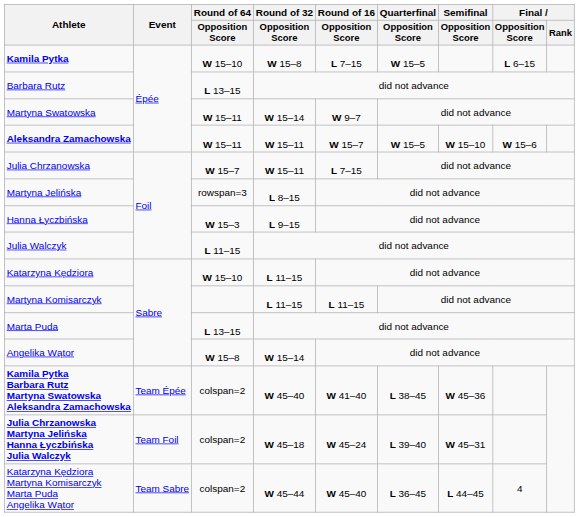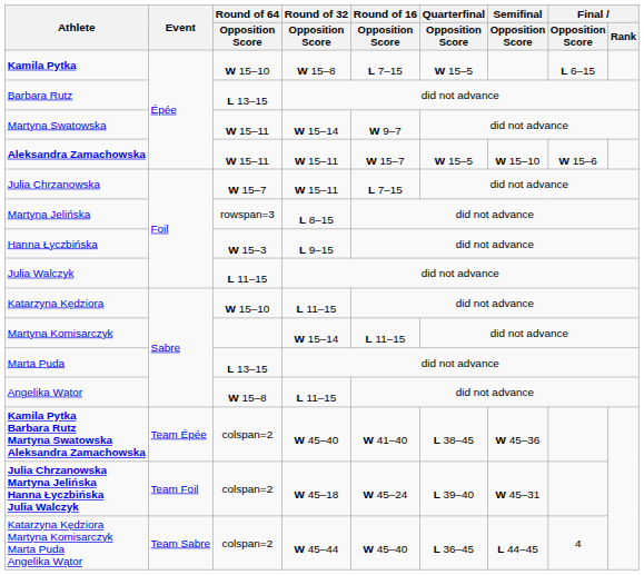 <table class="wikitable" style="font-size:90%">
 <tr>
 <th rowspan=2>Athlete</th>
 <th rowspan=2>Event</th>
 <th>Round of 64</th>
 <th>Round of 32</th>
 <th>Round of 16</th>
 <th>Quarterfinal</th>
 <th>Semifinal</th>
 <th colspan=2>Final / </th>
 </tr>
 <tr style="font-size:95%">
 <th>Opposition<br>Score</th>
 <th>Opposition<br>Score</th>
 <th>Opposition<br>Score</th>
 <th>Opposition<br>Score</th>
 <th>Opposition<br>Score</th>
 <th>Opposition<br>Score</th>
 <th>Rank</th>
 </tr>
 <tr align=center>
 <td align=left><strong><a href='#'>Kamila Pytka</a></strong></td>
 <td align=left rowspan=4><a href='#'>Épée</a></td>
 <td><br><strong>W</strong> 15–10</td>
 <td><br><strong>W</strong> 15–8</td>
 <td><br><strong>L</strong> 7–15</td>
 <td><br><strong>W</strong> 15–5</td>
 <td><br></td>
 <td><br><strong>L</strong> 6–15</td>
 <td></td>
 </tr>
 <tr align=center>
 <td align=left><a href='#'>Barbara Rutz</a></td>
 <td><br><strong>L</strong> 13–15</td>
 <td colspan=6>did not advance</td>
 </tr>
 <tr align=center>
 <td align=left><a href='#'>Martyna Swatowska</a></td>
 <td><br><strong>W</strong> 15–11</td>
 <td><br><strong>W</strong> 15–14</td>
 <td><br><strong>W</strong> 9–7</td>
 <td colspan=4>did not advance</td>
 </tr>
 <tr align=center>
 <td align=left><strong><a href='#'>Aleksandra Zamachowska</a></strong></td>
 <td><br><strong>W</strong> 15–11</td>
 <td><br><strong>W</strong> 15–11</td>
 <td><br><strong>W</strong> 15–7</td>
 <td><br><strong>W</strong> 15–5</td>
 <td><br><strong>W</strong> 15–10</td>
 <td><br><strong>W</strong> 15–6</td>
 <td></td>
 </tr>
 <tr align=center>
 <td align=left><a href='#'>Julia Chrzanowska</a></td>
 <td align=left rowspan=4><a href='#'>Foil</a></td>
 <td><br><strong>W</strong> 15–7</td>
 <td><br><strong>W</strong> 15–11</td>
 <td><br><strong>L</strong> 7–15</td>
 <td colspan=4>did not advance</td>
 </tr>
 <tr align=center>
 <td align=left><a href='#'>Martyna Jelińska</a></td>
 <td>rowspan=3 </td>
 <td><br><strong>L</strong> 8–15</td>
 <td colspan=6>did not advance</td>
 </tr>
 <tr align=center>
 <td align=left><a href='#'>Hanna Łyczbińska</a></td>
 <td><br><strong>W</strong> 15–3</td>
 <td><br><strong>L</strong> 9–15</td>
 <td colspan=5>did not advance</td>
 </tr>
 <tr align=center>
 <td align=left><a href='#'>Julia Walczyk</a></td>
 <td><br><strong>L</strong> 11–15</td>
 <td colspan=6>did not advance</td>
 </tr>
 <tr align=center>
 <td align=left><a href='#'>Katarzyna Kędziora</a></td>
 <td align=left rowspan=4><a href='#'>Sabre</a></td>
 <td><br><strong>W</strong> 15–10</td>
 <td><br><strong>L</strong> 11–15</td>
 <td colspan=5>did not advance</td>
 </tr>
 <tr align=center>
 <td align=left><a href='#'>Martyna Komisarczyk</a></td>
 <td></td>
-<td><br><strong>L</strong> 11–15</td>
+<td><br><strong>W</strong> 15–14</td>
 <td><br><strong>L</strong> 11–15</td>
 <td colspan=4>did not advance</td>
 </tr>
 <tr align=center>
 <td align=left><a href='#'>Marta Puda</a></td>
 <td><br><strong>L</strong> 13–15</td>
 <td colspan=6>did not advance</td>
 </tr>
 <tr align=center>
 <td align=left><a href='#'>Angelika Wątor</a></td>
 <td><br><strong>W</strong> 15–8</td>
-<td><br><strong>W</strong> 15–14</td>
+<td><br><strong>L</strong> 11–15</td>
 <td colspan=5>did not advance</td>
 </tr>
 <tr align=center>
 <td align=left><strong><a href='#'>Kamila Pytka</a><br><a href='#'>Barbara Rutz</a><br><a href='#'>Martyna Swatowska</a><br><a href='#'>Aleksandra Zamachowska</a></strong></td>
 <td align=left><a href='#'>Team Épée</a></td>
 <td>colspan=2 </td>
 <td><br><strong>W</strong> 45–40</td>
 <td><br><strong>W</strong> 41–40</td>
 <td><br><strong>L</strong> 38–45</td>
 <td><br><strong>W</strong> 45–36</td>
 <td></td>
 </tr>
 <tr align=center>
 <td align=left><strong><a href='#'>Julia Chrzanowska</a><br><a href='#'>Martyna Jelińska</a><br><a href='#'>Hanna Łyczbińska</a><br><a href='#'>Julia Walczyk</a></strong></td>
 <td align=left><a href='#'>Team Foil</a></td>
 <td>colspan=2 </td>
 <td><br><strong>W</strong> 45–18</td>
 <td><br><strong>W</strong> 45–24</td>
 <td><br><strong>L</strong> 39–40</td>
 <td><br><strong>W</strong> 45–31</td>
 <td></td>
 </tr>
 <tr align=center>
 <td align=left><a href='#'>Katarzyna Kędziora</a><br><a href='#'>Martyna Komisarczyk</a><br><a href='#'>Marta Puda</a><br><a href='#'>Angelika Wątor</a></td>
 <td align=left><a href='#'>Team Sabre</a></td>
 <td>colspan=2 </td>
 <td><br><strong>W</strong> 45–44</td>
 <td><br><strong>W</strong> 45–40</td>
 <td><br><strong>L</strong> 36–45</td>
 <td><br><strong>L</strong> 44–45</td>
 <td>4</td>
 </tr>
 </table>
